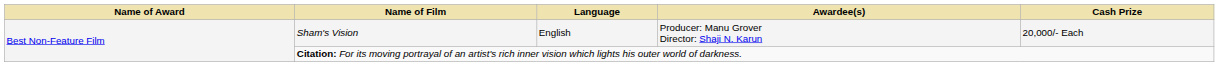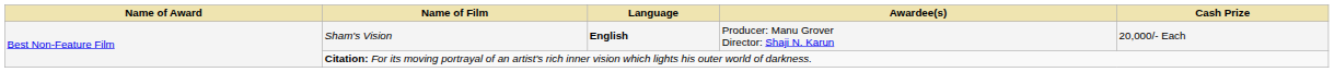 <table class="wikitable" style="width:100%;">
 <tr>
 <th style="background-color:#EFE4B0;width:24%;">Name of Award</th>
 <th style="background-color:#EFE4B0;width:20%;">Name of Film</th>
 <th style="background-color:#EFE4B0;width:10%;">Language</th>
 <th style="background-color:#EFE4B0;width:30%;">Awardee(s)</th>
 <th style="background-color:#EFE4B0;width:16%;">Cash Prize</th>
 </tr>
 <tr style="background-color:#F4F4F4">
 <td rowspan="2"><a href='#'>Best Non-Feature Film</a></td>
 <td><em>Sham's Vision</em></td>
-<td>English</td>
+<td><strong>English</strong></td>
 <td>Producer: Manu Grover<br>Director: <a href='#'>Shaji N. Karun</a></td>
 <td> 20,000/- Each</td>
 </tr>
 <tr style="background-color:#F9F9F9">
 <td colspan="4"><strong>Citation:</strong> <em>For its moving portrayal of an artist's rich inner vision which lights his outer world of darkness.</em></td>
 </tr>
 </table>
